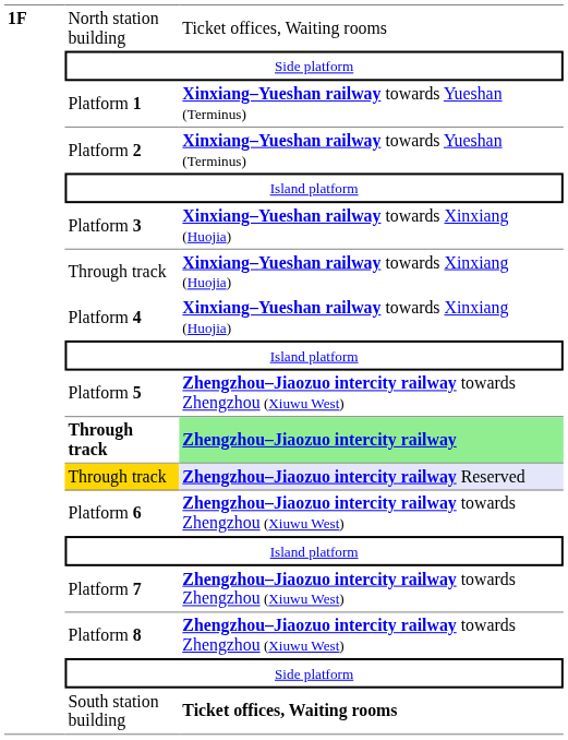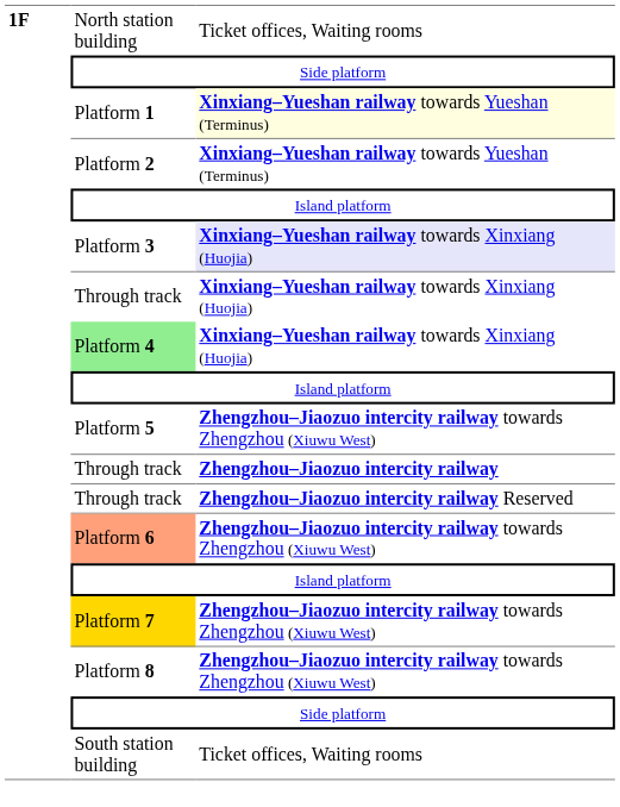 <table table border=0 cellspacing=0 cellpadding=3>
 <tr>
 <td style="border-top:solid 1px gray;border-bottom:solid 1px gray;" width=50 rowspan=18 valign=top><strong>1F</strong></td>
 <td style="border-top:solid 1px gray;" width=100>North station building</td>
 <td style="border-top:solid 1px gray;" width=350>Ticket offices, Waiting rooms</td>
 </tr>
 <tr>
 <td style="border-top:solid 2px black;border-right:solid 2px black;border-left:solid 2px black;border-bottom:solid 2px black;text-align:center;" colspan=2><small><a href='#'>Side platform</a></small></td>
 </tr>
 <tr>
 <td style="border-bottom:solid 1px gray;" width=100>Platform <strong>1</strong></td>
-<td style="border-bottom:solid 1px gray;" width=350><strong><a href='#'>Xinxiang–Yueshan railway</a></strong> towards <a href='#'>Yueshan</a><small> (Terminus)</small></td>
+<td style="background: lightyellow; border-bottom:solid 1px gray;" width=350><strong><a href='#'>Xinxiang–Yueshan railway</a></strong> towards <a href='#'>Yueshan</a><small> (Terminus)</small></td>
 </tr>
 <tr>
 <td>Platform <strong>2</strong></td>
 <td><strong><a href='#'>Xinxiang–Yueshan railway</a></strong> towards <a href='#'>Yueshan</a><small> (Terminus)</small></td>
 </tr>
 <tr>
 <td style="border-top:solid 2px black;border-right:solid 2px black;border-left:solid 2px black;border-bottom:solid 2px black;text-align:center;" colspan=2><small><a href='#'>Island platform</a></small></td>
 </tr>
 <tr>
 <td style="border-bottom:solid 1px gray;" width=100>Platform <strong>3</strong></td>
-<td style="border-bottom:solid 1px gray;" width=350><strong><a href='#'>Xinxiang–Yueshan railway</a></strong> towards <a href='#'>Xinxiang</a><small> (<a href='#'>Huojia</a>)</small></td>
+<td style="background: lavender; border-bottom:solid 1px gray;" width=350><strong><a href='#'>Xinxiang–Yueshan railway</a></strong> towards <a href='#'>Xinxiang</a><small> (<a href='#'>Huojia</a>)</small></td>
 </tr>
 <tr>
 <td>Through track</td>
 <td><strong><a href='#'>Xinxiang–Yueshan railway</a></strong> towards <a href='#'>Xinxiang</a><small> (<a href='#'>Huojia</a>)</small></td>
 </tr>
 <tr>
-<td>Platform <strong>4</strong></td>
+<td style="background: lightgreen;">Platform <strong>4</strong></td>
 <td><strong><a href='#'>Xinxiang–Yueshan railway</a></strong> towards <a href='#'>Xinxiang</a><small> (<a href='#'>Huojia</a>)</small></td>
 </tr>
 <tr>
 <td style="border-top:solid 2px black;border-right:solid 2px black;border-left:solid 2px black;border-bottom:solid 2px black;text-align:center;" colspan=2><small><a href='#'>Island platform</a></small></td>
 </tr>
 <tr>
 <td style="border-bottom:solid 1px gray;">Platform <strong>5</strong></td>
 <td style="border-bottom:solid 1px gray;"><strong><a href='#'>Zhengzhou–Jiaozuo intercity railway</a></strong> towards <a href='#'>Zhengzhou</a><small> (<a href='#'>Xiuwu West</a>)</small></td>
 </tr>
 <tr>
-<td style="border-bottom:solid 1px gray;"><strong>Through track</strong></td>
-<td style="background: lightgreen; border-bottom:solid 1px gray;"><strong><a href='#'>Zhengzhou–Jiaozuo intercity railway</a></strong></td>
+<td style="border-bottom:solid 1px gray;">Through track</td>
+<td style="border-bottom:solid 1px gray;"><strong><a href='#'>Zhengzhou–Jiaozuo intercity railway</a></strong></td>
 </tr>
 <tr>
-<td style="background: gold; border-bottom:solid 1px gray;">Through track</td>
-<td style="background: lavender; border-bottom:solid 1px gray;"><strong><a href='#'>Zhengzhou–Jiaozuo intercity railway</a></strong> Reserved</td>
+<td style="border-bottom:solid 1px gray;">Through track</td>
+<td style="border-bottom:solid 1px gray;"><strong><a href='#'>Zhengzhou–Jiaozuo intercity railway</a></strong> Reserved</td>
 </tr>
 <tr>
-<td>Platform <strong>6</strong></td>
+<td style="background: lightsalmon;">Platform <strong>6</strong></td>
 <td><strong><a href='#'>Zhengzhou–Jiaozuo intercity railway</a></strong> towards <a href='#'>Zhengzhou</a><small> (<a href='#'>Xiuwu West</a>)</small></td>
 </tr>
 <tr>
 <td style="border-top:solid 2px black;border-right:solid 2px black;border-left:solid 2px black;border-bottom:solid 2px black;text-align:center;" colspan=2><small><a href='#'>Island platform</a></small></td>
 </tr>
 <tr>
-<td style="border-bottom:solid 1px gray;">Platform <strong>7</strong></td>
+<td style="background: gold; border-bottom:solid 1px gray;">Platform <strong>7</strong></td>
 <td style="border-bottom:solid 1px gray;"><strong><a href='#'>Zhengzhou–Jiaozuo intercity railway</a></strong> towards <a href='#'>Zhengzhou</a><small> (<a href='#'>Xiuwu West</a>)</small></td>
 </tr>
 <tr>
 <td>Platform <strong>8</strong></td>
 <td><strong><a href='#'>Zhengzhou–Jiaozuo intercity railway</a></strong> towards <a href='#'>Zhengzhou</a><small> (<a href='#'>Xiuwu West</a>)</small></td>
 </tr>
 <tr>
 <td style="border-top:solid 2px black;border-right:solid 2px black;border-left:solid 2px black;border-bottom:solid 2px black;text-align:center;" colspan=2><small><a href='#'>Side platform</a></small></td>
 </tr>
 <tr>
 <td style="border-bottom:solid 1px gray;" width=100>South station building</td>
-<td style="border-bottom:solid 1px gray;" width=350><strong>Ticket offices, Waiting rooms</strong></td>
+<td style="border-bottom:solid 1px gray;" width=350>Ticket offices, Waiting rooms</td>
 </tr>
 </table>
